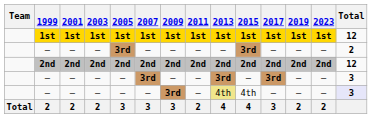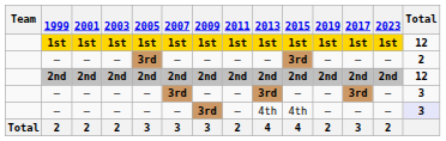 <table class="wikitable " style="text-align:center">
 <tr>
 <th>Team</th>
 <th><br><a href='#'>1999</a></th>
 <th><br><a href='#'>2001</a></th>
 <th><br><a href='#'>2003</a></th>
 <th><br><a href='#'>2005</a></th>
 <th><br><a href='#'>2007</a></th>
 <th><br><a href='#'>2009</a></th>
 <th><br><a href='#'>2011</a></th>
 <th><br><a href='#'>2013</a></th>
 <th><br><a href='#'>2015</a></th>
+<th><br><a href='#'>2019</a></th>
 <th><br><a href='#'>2017</a></th>
-<th><br><a href='#'>2019</a></th>
 <th><br><a href='#'>2023</a></th>
 <th>Total</th>
 </tr>
 <tr>
 <td align=left></td>
 <td bgcolor=gold><strong>1st</strong></td>
 <td bgcolor=gold><strong>1st</strong></td>
 <td bgcolor=gold><strong>1st</strong></td>
 <td bgcolor=gold><strong>1st</strong></td>
 <td bgcolor=gold><strong>1st</strong></td>
 <td bgcolor=gold><strong>1st</strong></td>
 <td bgcolor=gold><strong>1st</strong></td>
 <td bgcolor=gold><strong>1st</strong></td>
 <td bgcolor=gold><strong>1st</strong></td>
 <td bgcolor=gold><strong>1st</strong></td>
 <td bgcolor=gold><strong>1st</strong></td>
 <td bgcolor=gold><strong>1st</strong></td>
 <td><strong>12</strong></td>
 </tr>
 <tr>
 <td align=left></td>
 <td>–</td>
 <td>–</td>
 <td>–</td>
 <td bgcolor=cc9966><strong>3rd</strong></td>
 <td>–</td>
 <td>–</td>
 <td>–</td>
 <td>–</td>
 <td bgcolor=cc9966><strong>3rd</strong></td>
 <td>–</td>
 <td>–</td>
 <td>–</td>
 <td><strong>2</strong></td>
 </tr>
 <tr>
 <td align=left></td>
 <td bgcolor=silver><strong>2nd</strong></td>
 <td bgcolor=silver><strong>2nd</strong></td>
 <td bgcolor=silver><strong>2nd</strong></td>
 <td bgcolor=silver><strong>2nd</strong></td>
 <td bgcolor=silver><strong>2nd</strong></td>
 <td bgcolor=silver><strong>2nd</strong></td>
 <td bgcolor=silver><strong>2nd</strong></td>
 <td bgcolor=silver><strong>2nd</strong></td>
 <td bgcolor=silver><strong>2nd</strong></td>
 <td bgcolor=silver><strong>2nd</strong></td>
 <td bgcolor=silver><strong>2nd</strong></td>
 <td bgcolor=silver><strong>2nd</strong></td>
 <td><strong>12</strong></td>
 </tr>
 <tr>
 <td align=left></td>
 <td>–</td>
 <td>–</td>
 <td>–</td>
 <td>–</td>
 <td bgcolor=cc9966><strong>3rd</strong></td>
 <td>–</td>
 <td>–</td>
 <td bgcolor=cc9966><strong>3rd</strong></td>
 <td>–</td>
+<td>–</td>
 <td bgcolor=cc9966><strong>3rd</strong></td>
-<td>–</td>
 <td>–</td>
 <td><strong>3</strong></td>
 </tr>
 <tr>
 <td align=left></td>
 <td>–</td>
 <td>–</td>
 <td>–</td>
 <td>–</td>
 <td>–</td>
 <td bgcolor=cc9966><strong>3rd</strong></td>
 <td>–</td>
-<td style="background: khaki;">4th</td>
+<td>4th</td>
 <td>4th</td>
 <td>–</td>
 <td>–</td>
 <td>–</td>
 <td style="background: lavender;"><strong>3</strong></td>
 </tr>
 <tr>
 <th>Total</th>
 <th>2</th>
 <th>2</th>
 <th>2</th>
 <th>3</th>
 <th>3</th>
 <th>3</th>
 <th>2</th>
 <th>4</th>
 <th>4</th>
+<th>2</th>
 <th>3</th>
-<th>2</th>
 <th>2</th>
 <th></th>
 </tr>
 </table>
